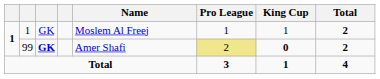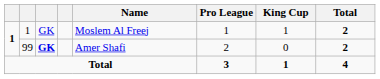 <table class="wikitable" style="text-align:center">
 <tr>
 <th width=15></th>
 <th width=15></th>
 <th width=15></th>
 <th width=15></th>
 <th width=175>Name</th>
 <th width=80>Pro League</th>
 <th width=80>King Cup</th>
 <th width=80>Total</th>
 </tr>
 <tr>
 <td rowspan=2><strong>1</strong></td>
 <td>1</td>
 <td><a href='#'>GK</a></td>
 <td></td>
 <td align=left><a href='#'>Moslem Al Freej</a></td>
 <td>1</td>
 <td>1</td>
 <td><strong>2</strong></td>
 </tr>
 <tr>
 <td>99</td>
 <td><strong><a href='#'>GK</a></strong></td>
 <td></td>
 <td align=left><a href='#'>Amer Shafi</a></td>
-<td style="background: khaki;">2</td>
-<td><strong>0</strong></td>
+<td>2</td>
+<td>0</td>
 <td><strong>2</strong></td>
 </tr>
 <tr>
 <td colspan=5><strong>Total</strong></td>
 <td><strong>3</strong></td>
 <td><strong>1</strong></td>
 <td><strong>4</strong></td>
 </tr>
 </table>
